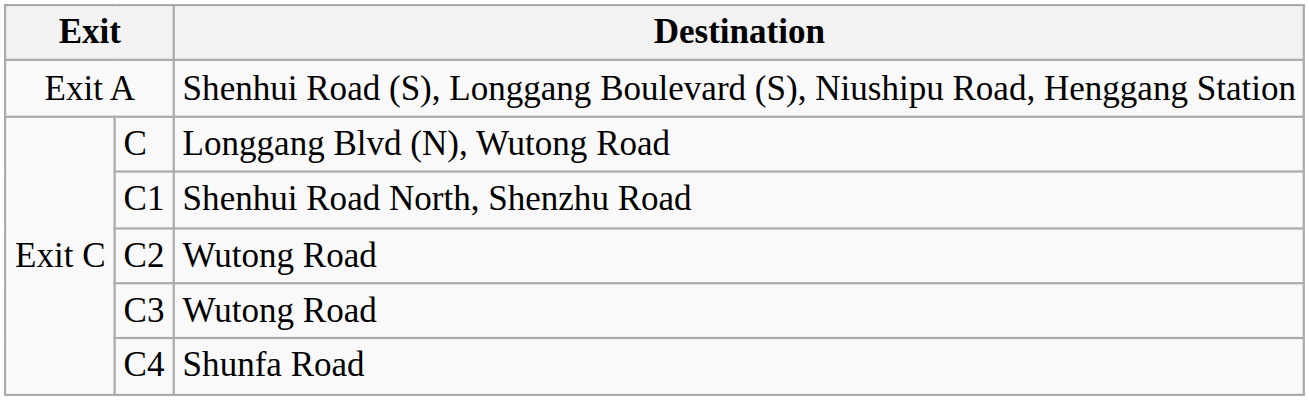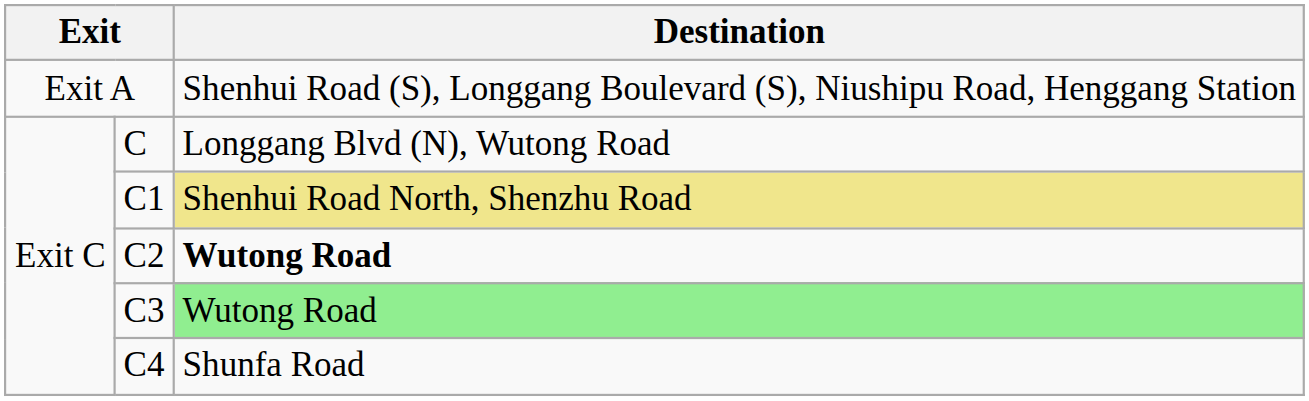 <table class="wikitable">
 <tr>
 <th style="width:70px" colspan="2">Exit</th>
 <th>Destination</th>
 </tr>
 <tr>
 <td align="center" colspan="2">Exit A</td>
 <td>Shenhui Road (S), Longgang Boulevard (S), Niushipu Road, Henggang Station</td>
 </tr>
 <tr>
 <td align="center" rowspan="5">Exit C</td>
 <td>C</td>
 <td>Longgang Blvd (N), Wutong Road</td>
 </tr>
 <tr>
 <td>C1</td>
-<td>Shenhui Road North, Shenzhu Road</td>
+<td style="background: khaki;">Shenhui Road North, Shenzhu Road</td>
 </tr>
 <tr>
 <td>C2</td>
-<td>Wutong Road</td>
+<td><strong>Wutong Road</strong></td>
 </tr>
 <tr>
 <td>C3</td>
-<td>Wutong Road</td>
+<td style="background: lightgreen;">Wutong Road</td>
 </tr>
 <tr>
 <td>C4</td>
 <td>Shunfa Road</td>
 </tr>
 </table>
